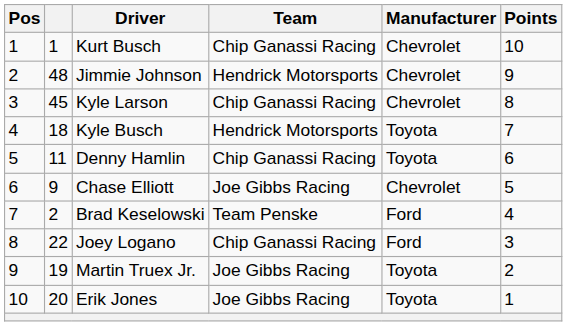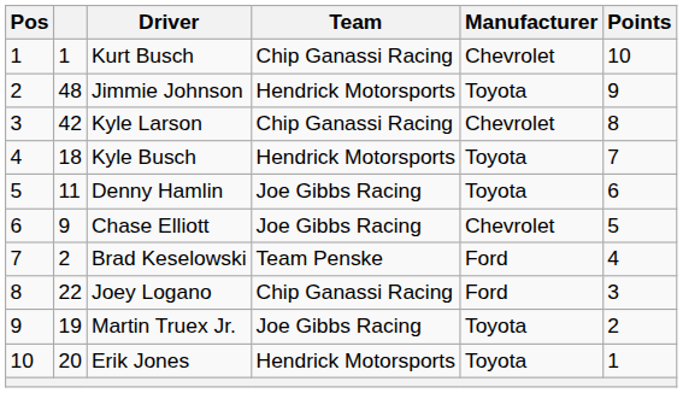 <table class="wikitable" style="font-size:98%">
 <tr>
 <th>Pos</th>
 <th></th>
 <th>Driver</th>
 <th>Team</th>
 <th>Manufacturer</th>
 <th>Points</th>
 </tr>
 <tr>
 <td>1</td>
 <td>1</td>
 <td>Kurt Busch</td>
 <td>Chip Ganassi Racing</td>
 <td>Chevrolet</td>
 <td>10</td>
 </tr>
 <tr>
 <td>2</td>
 <td>48</td>
 <td>Jimmie Johnson</td>
 <td>Hendrick Motorsports</td>
-<td>Chevrolet</td>
+<td>Toyota</td>
 <td>9</td>
 </tr>
 <tr>
 <td>3</td>
-<td>45</td>
+<td>42</td>
 <td>Kyle Larson</td>
 <td>Chip Ganassi Racing</td>
 <td>Chevrolet</td>
 <td>8</td>
 </tr>
 <tr>
 <td>4</td>
 <td>18</td>
 <td>Kyle Busch</td>
 <td>Hendrick Motorsports</td>
 <td>Toyota</td>
 <td>7</td>
 </tr>
 <tr>
 <td>5</td>
 <td>11</td>
 <td>Denny Hamlin</td>
-<td>Chip Ganassi Racing</td>
+<td>Joe Gibbs Racing</td>
 <td>Toyota</td>
 <td>6</td>
 </tr>
 <tr>
 <td>6</td>
 <td>9</td>
 <td>Chase Elliott</td>
 <td>Joe Gibbs Racing</td>
 <td>Chevrolet</td>
 <td>5</td>
 </tr>
 <tr>
 <td>7</td>
 <td>2</td>
 <td>Brad Keselowski</td>
 <td>Team Penske</td>
 <td>Ford</td>
 <td>4</td>
 </tr>
 <tr>
 <td>8</td>
 <td>22</td>
 <td>Joey Logano</td>
 <td>Chip Ganassi Racing</td>
 <td>Ford</td>
 <td>3</td>
 </tr>
 <tr>
 <td>9</td>
 <td>19</td>
 <td>Martin Truex Jr.</td>
 <td>Joe Gibbs Racing</td>
 <td>Toyota</td>
 <td>2</td>
 </tr>
 <tr>
 <td>10</td>
 <td>20</td>
 <td>Erik Jones</td>
-<td>Joe Gibbs Racing</td>
+<td>Hendrick Motorsports</td>
 <td>Toyota</td>
 <td>1</td>
 </tr>
 <tr>
 <th colspan="6"></th>
 </tr>
 </table>
